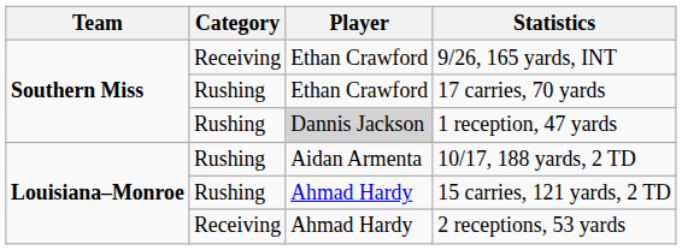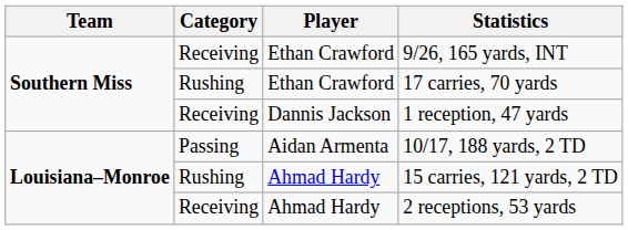 <table class="wikitable" style="float: right;">
 <tr>
 <th>Team</th>
 <th>Category</th>
 <th>Player</th>
 <th>Statistics</th>
 </tr>
 <tr>
 <td rowspan=3><strong>Southern Miss</strong></td>
 <td>Receiving</td>
 <td>Ethan Crawford</td>
 <td>9/26, 165 yards, INT</td>
 </tr>
 <tr>
 <td>Rushing</td>
 <td>Ethan Crawford</td>
 <td>17 carries, 70 yards</td>
 </tr>
 <tr>
-<td>Rushing</td>
-<td style="background: lightgrey;">Dannis Jackson</td>
+<td>Receiving</td>
+<td>Dannis Jackson</td>
 <td>1 reception, 47 yards</td>
 </tr>
 <tr>
 <td rowspan=3><strong>Louisiana–Monroe</strong></td>
-<td>Rushing</td>
+<td>Passing</td>
 <td>Aidan Armenta</td>
 <td>10/17, 188 yards, 2 TD</td>
 </tr>
 <tr>
 <td>Rushing</td>
 <td><a href='#'>Ahmad Hardy</a></td>
 <td>15 carries, 121 yards, 2 TD</td>
 </tr>
 <tr>
 <td>Receiving</td>
 <td>Ahmad Hardy</td>
 <td>2 receptions, 53 yards</td>
 </tr>
 </table>
